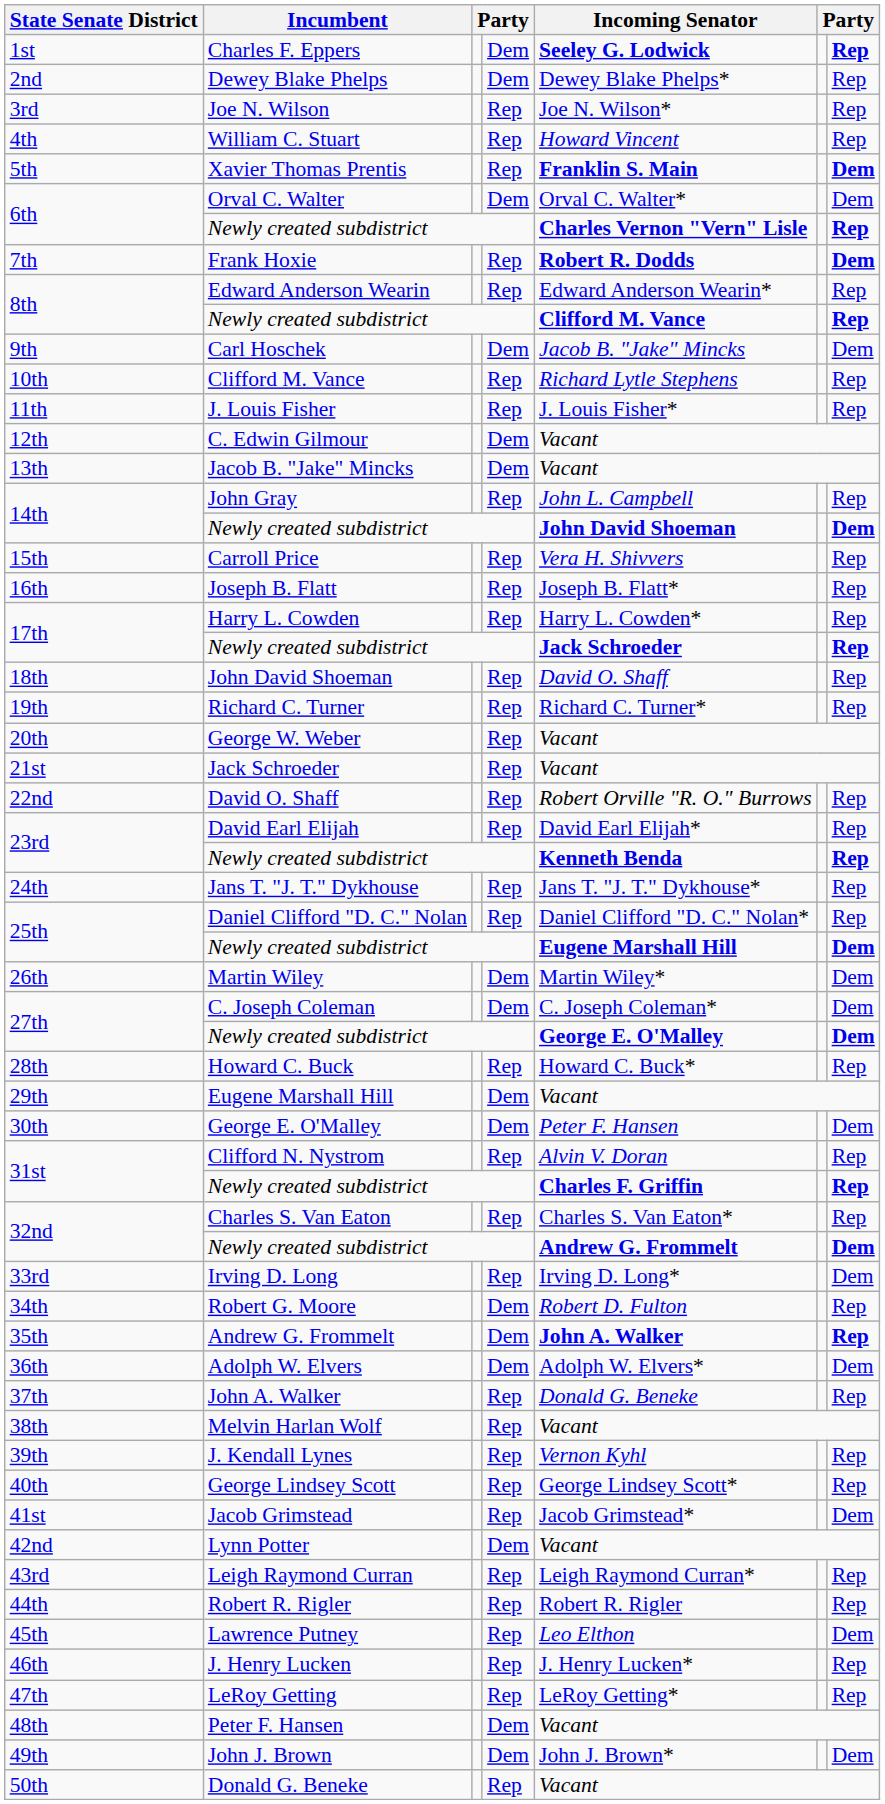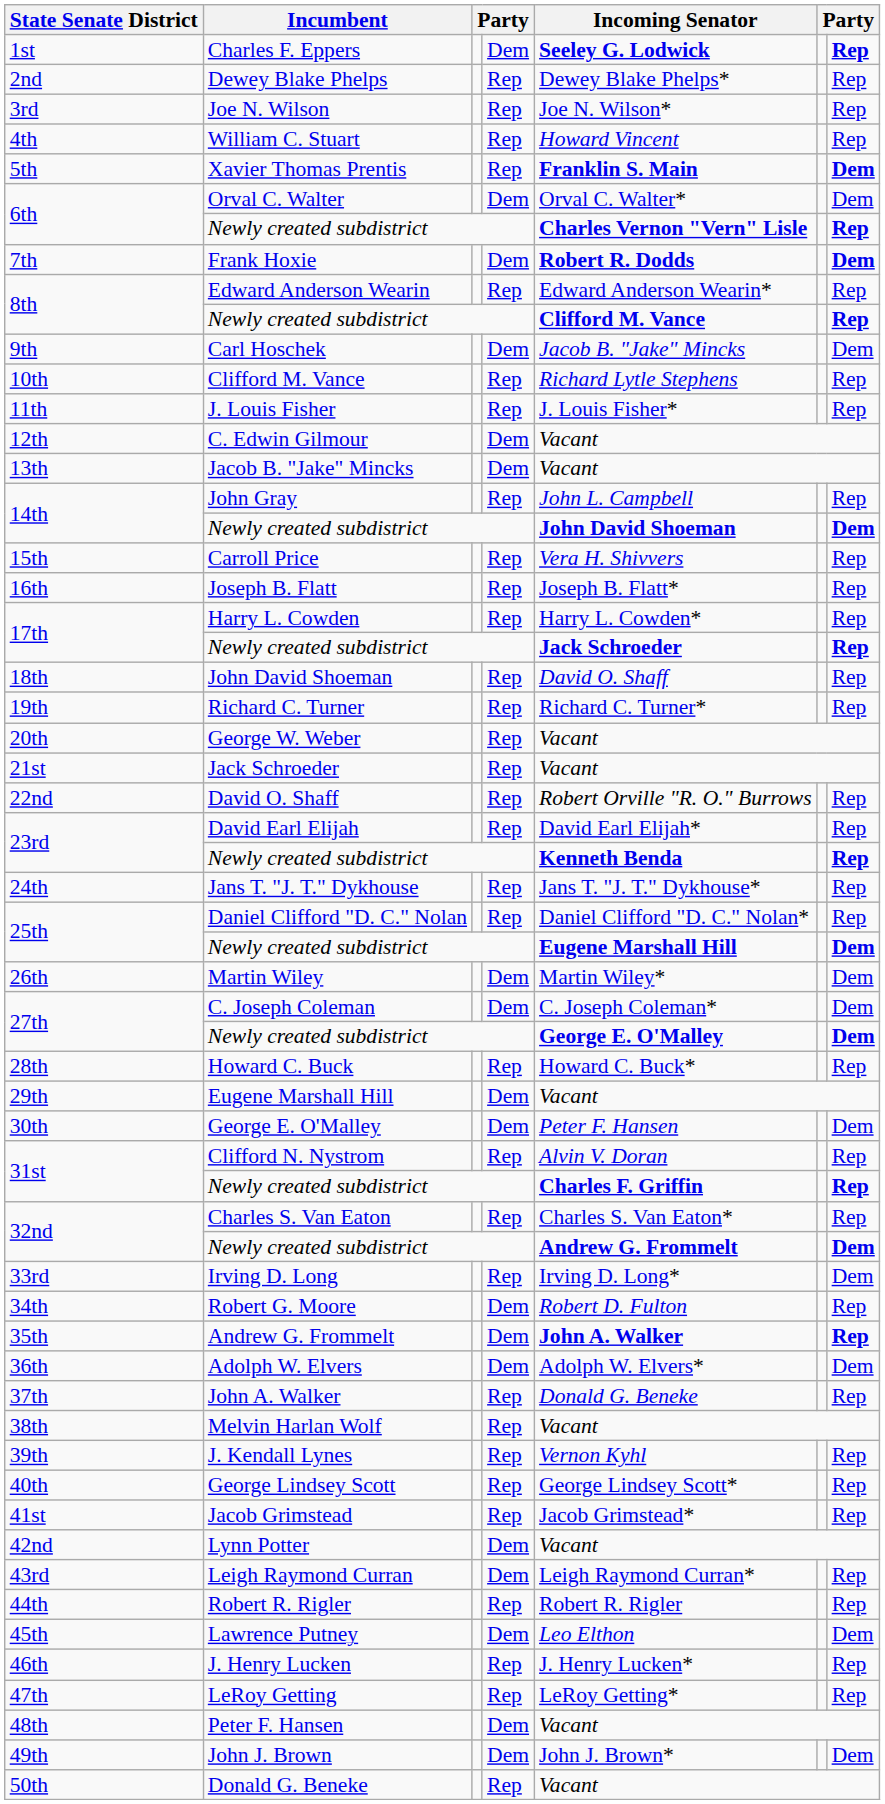 <table class="sortable wikitable" style="font-size:95%;line-height:14px;">
 <tr>
 <th class="unsortable"><a href='#'>State Senate</a> District</th>
 <th class="unsortable"><a href='#'>Incumbent</a></th>
 <th colspan="2">Party</th>
 <th class="unsortable">Incoming Senator</th>
 <th colspan="2">Party</th>
 </tr>
 <tr>
 <td><a href='#'>1st</a></td>
 <td><a href='#'>Charles F. Eppers</a></td>
 <td style="background:"></td>
 <td><a href='#'>Dem</a></td>
 <td><strong><a href='#'>Seeley G. Lodwick</a></strong></td>
 <td style="background:"></td>
 <td><strong><a href='#'>Rep</a></strong></td>
 </tr>
 <tr>
 <td><a href='#'>2nd</a></td>
 <td><a href='#'>Dewey Blake Phelps</a></td>
 <td style="background:"></td>
-<td><a href='#'>Dem</a></td>
+<td><a href='#'>Rep</a></td>
 <td><a href='#'>Dewey Blake Phelps</a>*</td>
 <td style="background:"></td>
 <td><a href='#'>Rep</a></td>
 </tr>
 <tr>
 <td><a href='#'>3rd</a></td>
 <td><a href='#'>Joe N. Wilson</a></td>
 <td style="background:"></td>
 <td><a href='#'>Rep</a></td>
 <td><a href='#'>Joe N. Wilson</a>*</td>
 <td style="background:"></td>
 <td><a href='#'>Rep</a></td>
 </tr>
 <tr>
 <td><a href='#'>4th</a></td>
 <td><a href='#'>William C. Stuart</a></td>
 <td style="background:"></td>
 <td><a href='#'>Rep</a></td>
 <td><em><a href='#'>Howard Vincent</a></em></td>
 <td style="background:"></td>
 <td><a href='#'>Rep</a></td>
 </tr>
 <tr>
 <td><a href='#'>5th</a></td>
 <td><a href='#'>Xavier Thomas Prentis</a></td>
 <td style="background:"></td>
 <td><a href='#'>Rep</a></td>
 <td><strong><a href='#'>Franklin S. Main</a></strong></td>
 <td style="background:"></td>
 <td><strong><a href='#'>Dem</a></strong></td>
 </tr>
 <tr>
 <td rowspan="2"><a href='#'>6th</a></td>
 <td><a href='#'>Orval C. Walter</a></td>
 <td style="background:"></td>
 <td><a href='#'>Dem</a></td>
 <td><a href='#'>Orval C. Walter</a>*</td>
 <td style="background:"></td>
 <td><a href='#'>Dem</a></td>
 </tr>
 <tr>
 <td colspan="3" ><em>Newly created subdistrict</em></td>
 <td><strong><a href='#'>Charles Vernon "Vern" Lisle</a></strong></td>
 <td style="background:"></td>
 <td><strong><a href='#'>Rep</a></strong></td>
 </tr>
 <tr>
 <td><a href='#'>7th</a></td>
 <td><a href='#'>Frank Hoxie</a></td>
 <td style="background:"></td>
-<td><a href='#'>Rep</a></td>
+<td><a href='#'>Dem</a></td>
 <td><strong><a href='#'>Robert R. Dodds</a></strong></td>
 <td style="background:"></td>
 <td><strong><a href='#'>Dem</a></strong></td>
 </tr>
 <tr>
 <td rowspan="2"><a href='#'>8th</a></td>
 <td><a href='#'>Edward Anderson Wearin</a></td>
 <td style="background:"></td>
 <td><a href='#'>Rep</a></td>
 <td><a href='#'>Edward Anderson Wearin</a>*</td>
 <td style="background:"></td>
 <td><a href='#'>Rep</a></td>
 </tr>
 <tr>
 <td colspan="3" ><em>Newly created subdistrict</em></td>
 <td><strong><a href='#'>Clifford M. Vance</a></strong></td>
 <td style="background:"></td>
 <td><strong><a href='#'>Rep</a></strong></td>
 </tr>
 <tr>
 <td><a href='#'>9th</a></td>
 <td><a href='#'>Carl Hoschek</a></td>
 <td style="background:"></td>
 <td><a href='#'>Dem</a></td>
 <td><em><a href='#'>Jacob B. "Jake" Mincks</a></em></td>
 <td style="background:"></td>
 <td><a href='#'>Dem</a></td>
 </tr>
 <tr>
 <td><a href='#'>10th</a></td>
 <td><a href='#'>Clifford M. Vance</a></td>
 <td style="background:"></td>
 <td><a href='#'>Rep</a></td>
 <td><em><a href='#'>Richard Lytle Stephens</a></em></td>
 <td style="background:"></td>
 <td><a href='#'>Rep</a></td>
 </tr>
 <tr>
 <td><a href='#'>11th</a></td>
 <td><a href='#'>J. Louis Fisher</a></td>
 <td style="background:"></td>
 <td><a href='#'>Rep</a></td>
 <td><a href='#'>J. Louis Fisher</a>*</td>
 <td style="background:"></td>
 <td><a href='#'>Rep</a></td>
 </tr>
 <tr>
 <td><a href='#'>12th</a></td>
 <td><a href='#'>C. Edwin Gilmour</a></td>
 <td style="background:"></td>
 <td><a href='#'>Dem</a></td>
 <td colspan="3" ><em>Vacant</em></td>
 </tr>
 <tr>
 <td><a href='#'>13th</a></td>
 <td><a href='#'>Jacob B. "Jake" Mincks</a></td>
 <td style="background:"></td>
 <td><a href='#'>Dem</a></td>
 <td colspan="3" ><em>Vacant</em></td>
 </tr>
 <tr>
 <td rowspan="2"><a href='#'>14th</a></td>
 <td><a href='#'>John Gray</a></td>
 <td style="background:"></td>
 <td><a href='#'>Rep</a></td>
 <td><em><a href='#'>John L. Campbell</a></em></td>
 <td style="background:"></td>
 <td><a href='#'>Rep</a></td>
 </tr>
 <tr>
 <td colspan="3" ><em>Newly created subdistrict</em></td>
 <td><strong><a href='#'>John David Shoeman</a></strong></td>
 <td style="background:"></td>
 <td><strong><a href='#'>Dem</a></strong></td>
 </tr>
 <tr>
 <td><a href='#'>15th</a></td>
 <td><a href='#'>Carroll Price</a></td>
 <td style="background:"></td>
 <td><a href='#'>Rep</a></td>
 <td><em><a href='#'>Vera H. Shivvers</a></em></td>
 <td style="background:"></td>
 <td><a href='#'>Rep</a></td>
 </tr>
 <tr>
 <td><a href='#'>16th</a></td>
 <td><a href='#'>Joseph B. Flatt</a></td>
 <td style="background:"></td>
 <td><a href='#'>Rep</a></td>
 <td><a href='#'>Joseph B. Flatt</a>*</td>
 <td style="background:"></td>
 <td><a href='#'>Rep</a></td>
 </tr>
 <tr>
 <td rowspan="2"><a href='#'>17th</a></td>
 <td><a href='#'>Harry L. Cowden</a></td>
 <td style="background:"></td>
 <td><a href='#'>Rep</a></td>
 <td><a href='#'>Harry L. Cowden</a>*</td>
 <td style="background:"></td>
 <td><a href='#'>Rep</a></td>
 </tr>
 <tr>
 <td colspan="3" ><em>Newly created subdistrict</em></td>
 <td><strong><a href='#'>Jack Schroeder</a></strong></td>
 <td style="background:"></td>
 <td><strong><a href='#'>Rep</a></strong></td>
 </tr>
 <tr>
 <td><a href='#'>18th</a></td>
 <td><a href='#'>John David Shoeman</a></td>
 <td style="background:"></td>
 <td><a href='#'>Rep</a></td>
 <td><em><a href='#'>David O. Shaff</a></em></td>
 <td style="background:"></td>
 <td><a href='#'>Rep</a></td>
 </tr>
 <tr>
 <td><a href='#'>19th</a></td>
 <td><a href='#'>Richard C. Turner</a></td>
 <td style="background:"></td>
 <td><a href='#'>Rep</a></td>
 <td><a href='#'>Richard C. Turner</a>*</td>
 <td style="background:"></td>
 <td><a href='#'>Rep</a></td>
 </tr>
 <tr>
 <td><a href='#'>20th</a></td>
 <td><a href='#'>George W. Weber</a></td>
 <td style="background:"></td>
 <td><a href='#'>Rep</a></td>
 <td colspan="3" ><em>Vacant</em></td>
 </tr>
 <tr>
 <td><a href='#'>21st</a></td>
 <td><a href='#'>Jack Schroeder</a></td>
 <td style="background:"></td>
 <td><a href='#'>Rep</a></td>
 <td colspan="3" ><em>Vacant</em></td>
 </tr>
 <tr>
 <td><a href='#'>22nd</a></td>
 <td><a href='#'>David O. Shaff</a></td>
 <td style="background:"></td>
 <td><a href='#'>Rep</a></td>
 <td><em>Robert Orville "R. O." Burrows</em></td>
 <td style="background:"></td>
 <td><a href='#'>Rep</a></td>
 </tr>
 <tr>
 <td rowspan="2"><a href='#'>23rd</a></td>
 <td><a href='#'>David Earl Elijah</a></td>
 <td style="background:"></td>
 <td><a href='#'>Rep</a></td>
 <td><a href='#'>David Earl Elijah</a>*</td>
 <td style="background:"></td>
 <td><a href='#'>Rep</a></td>
 </tr>
 <tr>
 <td colspan="3" ><em>Newly created subdistrict</em></td>
 <td><strong><a href='#'>Kenneth Benda</a></strong></td>
 <td style="background:"></td>
 <td><strong><a href='#'>Rep</a></strong></td>
 </tr>
 <tr>
 <td><a href='#'>24th</a></td>
 <td><a href='#'>Jans T. "J. T." Dykhouse</a></td>
 <td style="background:"></td>
 <td><a href='#'>Rep</a></td>
 <td><a href='#'>Jans T. "J. T." Dykhouse</a>*</td>
 <td style="background:"></td>
 <td><a href='#'>Rep</a></td>
 </tr>
 <tr>
 <td rowspan="2"><a href='#'>25th</a></td>
 <td><a href='#'>Daniel Clifford "D. C." Nolan</a></td>
 <td style="background:"></td>
 <td><a href='#'>Rep</a></td>
 <td><a href='#'>Daniel Clifford "D. C." Nolan</a>*</td>
 <td style="background:"></td>
 <td><a href='#'>Rep</a></td>
 </tr>
 <tr>
 <td colspan="3" ><em>Newly created subdistrict</em></td>
 <td><strong><a href='#'>Eugene Marshall Hill</a></strong></td>
 <td style="background:"></td>
 <td><strong><a href='#'>Dem</a></strong></td>
 </tr>
 <tr>
 <td><a href='#'>26th</a></td>
 <td><a href='#'>Martin Wiley</a></td>
 <td style="background:"></td>
 <td><a href='#'>Dem</a></td>
 <td><a href='#'>Martin Wiley</a>*</td>
 <td style="background:"></td>
 <td><a href='#'>Dem</a></td>
 </tr>
 <tr>
 <td rowspan="2"><a href='#'>27th</a></td>
 <td><a href='#'>C. Joseph Coleman</a></td>
 <td style="background:"></td>
 <td><a href='#'>Dem</a></td>
 <td><a href='#'>C. Joseph Coleman</a>*</td>
 <td style="background:"></td>
 <td><a href='#'>Dem</a></td>
 </tr>
 <tr>
 <td colspan="3" ><em>Newly created subdistrict</em></td>
 <td><strong><a href='#'>George E. O'Malley</a></strong></td>
 <td style="background:"></td>
 <td><strong><a href='#'>Dem</a></strong></td>
 </tr>
 <tr>
 <td><a href='#'>28th</a></td>
 <td><a href='#'>Howard C. Buck</a></td>
 <td style="background:"></td>
 <td><a href='#'>Rep</a></td>
 <td><a href='#'>Howard C. Buck</a>*</td>
 <td style="background:"></td>
 <td><a href='#'>Rep</a></td>
 </tr>
 <tr>
 <td><a href='#'>29th</a></td>
 <td><a href='#'>Eugene Marshall Hill</a></td>
 <td style="background:"></td>
 <td><a href='#'>Dem</a></td>
 <td colspan="3" ><em>Vacant</em></td>
 </tr>
 <tr>
 <td><a href='#'>30th</a></td>
 <td><a href='#'>George E. O'Malley</a></td>
 <td style="background:"></td>
 <td><a href='#'>Dem</a></td>
 <td><em><a href='#'>Peter F. Hansen</a></em></td>
 <td style="background:"></td>
 <td><a href='#'>Dem</a></td>
 </tr>
 <tr>
 <td rowspan="2"><a href='#'>31st</a></td>
 <td><a href='#'>Clifford N. Nystrom</a></td>
 <td style="background:"></td>
 <td><a href='#'>Rep</a></td>
 <td><em><a href='#'>Alvin V. Doran</a></em></td>
 <td style="background:"></td>
 <td><a href='#'>Rep</a></td>
 </tr>
 <tr>
 <td colspan="3" ><em>Newly created subdistrict</em></td>
 <td><strong><a href='#'>Charles F. Griffin</a></strong></td>
 <td style="background:"></td>
 <td><strong><a href='#'>Rep</a></strong></td>
 </tr>
 <tr>
 <td rowspan="2"><a href='#'>32nd</a></td>
 <td><a href='#'>Charles S. Van Eaton</a></td>
 <td style="background:"></td>
 <td><a href='#'>Rep</a></td>
 <td><a href='#'>Charles S. Van Eaton</a>*</td>
 <td style="background:"></td>
 <td><a href='#'>Rep</a></td>
 </tr>
 <tr>
 <td colspan="3" ><em>Newly created subdistrict</em></td>
 <td><strong><a href='#'>Andrew G. Frommelt</a></strong></td>
 <td style="background:"></td>
 <td><strong><a href='#'>Dem</a></strong></td>
 </tr>
 <tr>
 <td><a href='#'>33rd</a></td>
 <td><a href='#'>Irving D. Long</a></td>
 <td style="background:"></td>
 <td><a href='#'>Rep</a></td>
 <td><a href='#'>Irving D. Long</a>*</td>
 <td style="background:"></td>
 <td><a href='#'>Dem</a></td>
 </tr>
 <tr>
 <td><a href='#'>34th</a></td>
 <td><a href='#'>Robert G. Moore</a></td>
 <td style="background:"></td>
 <td><a href='#'>Dem</a></td>
 <td><em><a href='#'>Robert D. Fulton</a></em></td>
 <td style="background:"></td>
 <td><a href='#'>Rep</a></td>
 </tr>
 <tr>
 <td><a href='#'>35th</a></td>
 <td><a href='#'>Andrew G. Frommelt</a></td>
 <td style="background:"></td>
 <td><a href='#'>Dem</a></td>
 <td><strong><a href='#'>John A. Walker</a></strong></td>
 <td style="background:"></td>
 <td><strong><a href='#'>Rep</a></strong></td>
 </tr>
 <tr>
 <td><a href='#'>36th</a></td>
 <td><a href='#'>Adolph W. Elvers</a></td>
 <td style="background:"></td>
 <td><a href='#'>Dem</a></td>
 <td><a href='#'>Adolph W. Elvers</a>*</td>
 <td style="background:"></td>
 <td><a href='#'>Dem</a></td>
 </tr>
 <tr>
 <td><a href='#'>37th</a></td>
 <td><a href='#'>John A. Walker</a></td>
 <td style="background:"></td>
 <td><a href='#'>Rep</a></td>
 <td><em><a href='#'>Donald G. Beneke</a></em></td>
 <td style="background:"></td>
 <td><a href='#'>Rep</a></td>
 </tr>
 <tr>
 <td><a href='#'>38th</a></td>
 <td><a href='#'>Melvin Harlan Wolf</a></td>
 <td style="background:"></td>
 <td><a href='#'>Rep</a></td>
 <td colspan="3" ><em>Vacant</em></td>
 </tr>
 <tr>
 <td><a href='#'>39th</a></td>
 <td><a href='#'>J. Kendall Lynes</a></td>
 <td style="background:"></td>
 <td><a href='#'>Rep</a></td>
 <td><em><a href='#'>Vernon Kyhl</a></em></td>
 <td style="background:"></td>
 <td><a href='#'>Rep</a></td>
 </tr>
 <tr>
 <td><a href='#'>40th</a></td>
 <td><a href='#'>George Lindsey Scott</a></td>
 <td style="background:"></td>
 <td><a href='#'>Rep</a></td>
 <td><a href='#'>George Lindsey Scott</a>*</td>
 <td style="background:"></td>
 <td><a href='#'>Rep</a></td>
 </tr>
 <tr>
 <td><a href='#'>41st</a></td>
 <td><a href='#'>Jacob Grimstead</a></td>
 <td style="background:"></td>
 <td><a href='#'>Rep</a></td>
 <td><a href='#'>Jacob Grimstead</a>*</td>
 <td style="background:"></td>
-<td><a href='#'>Dem</a></td>
+<td><a href='#'>Rep</a></td>
 </tr>
 <tr>
 <td><a href='#'>42nd</a></td>
 <td><a href='#'>Lynn Potter</a></td>
 <td style="background:"></td>
 <td><a href='#'>Dem</a></td>
 <td colspan="3" ><em>Vacant</em></td>
 </tr>
 <tr>
 <td><a href='#'>43rd</a></td>
 <td><a href='#'>Leigh Raymond Curran</a></td>
 <td style="background:"></td>
-<td><a href='#'>Rep</a></td>
+<td><a href='#'>Dem</a></td>
 <td><a href='#'>Leigh Raymond Curran</a>*</td>
 <td style="background:"></td>
 <td><a href='#'>Rep</a></td>
 </tr>
 <tr>
 <td><a href='#'>44th</a></td>
 <td><a href='#'>Robert R. Rigler</a></td>
 <td style="background:"></td>
 <td><a href='#'>Rep</a></td>
 <td><a href='#'>Robert R. Rigler</a></td>
 <td style="background:"></td>
 <td><a href='#'>Rep</a></td>
 </tr>
 <tr>
 <td><a href='#'>45th</a></td>
 <td><a href='#'>Lawrence Putney</a></td>
 <td style="background:"></td>
-<td><a href='#'>Rep</a></td>
+<td><a href='#'>Dem</a></td>
 <td><em><a href='#'>Leo Elthon</a></em></td>
 <td style="background:"></td>
 <td><a href='#'>Dem</a></td>
 </tr>
 <tr>
 <td><a href='#'>46th</a></td>
 <td><a href='#'>J. Henry Lucken</a></td>
 <td style="background:"></td>
 <td><a href='#'>Rep</a></td>
 <td><a href='#'>J. Henry Lucken</a>*</td>
 <td style="background:"></td>
 <td><a href='#'>Rep</a></td>
 </tr>
 <tr>
 <td><a href='#'>47th</a></td>
 <td><a href='#'>LeRoy Getting</a></td>
 <td style="background:"></td>
 <td><a href='#'>Rep</a></td>
 <td><a href='#'>LeRoy Getting</a>*</td>
 <td style="background:"></td>
 <td><a href='#'>Rep</a></td>
 </tr>
 <tr>
 <td><a href='#'>48th</a></td>
 <td><a href='#'>Peter F. Hansen</a></td>
 <td style="background:"></td>
 <td><a href='#'>Dem</a></td>
 <td colspan="3" ><em>Vacant</em></td>
 </tr>
 <tr>
 <td><a href='#'>49th</a></td>
 <td><a href='#'>John J. Brown</a></td>
 <td style="background:"></td>
 <td><a href='#'>Dem</a></td>
 <td><a href='#'>John J. Brown</a>*</td>
 <td style="background:"></td>
 <td><a href='#'>Dem</a></td>
 </tr>
 <tr>
 <td><a href='#'>50th</a></td>
 <td><a href='#'>Donald G. Beneke</a></td>
 <td style="background:"></td>
 <td><a href='#'>Rep</a></td>
 <td colspan="3" ><em>Vacant</em></td>
 </tr>
 <tr>
 </tr>
 </table>
